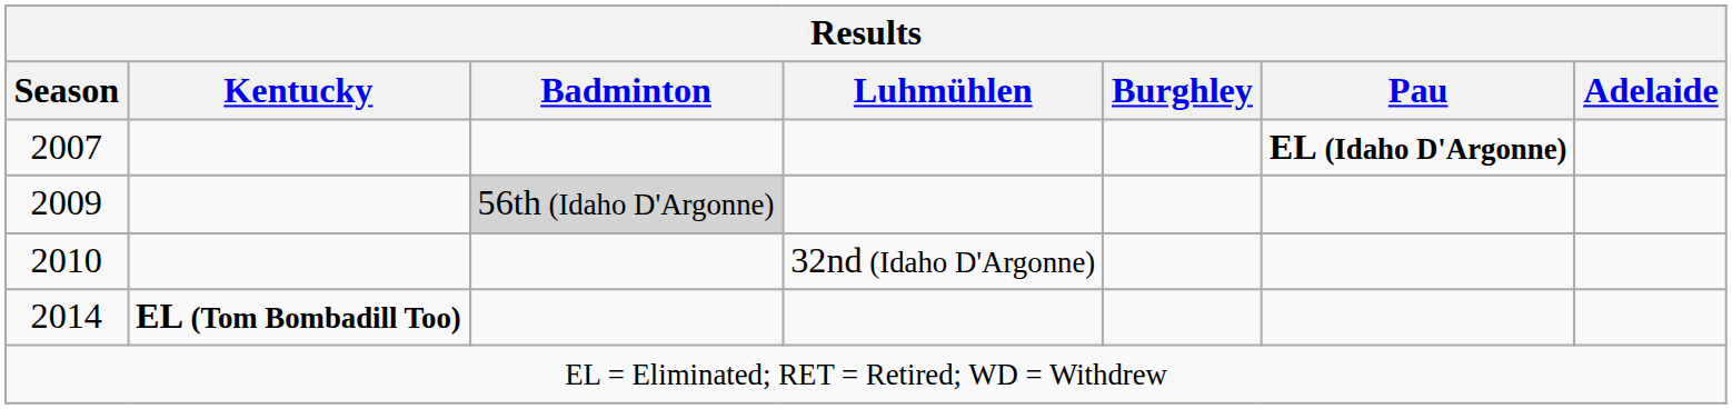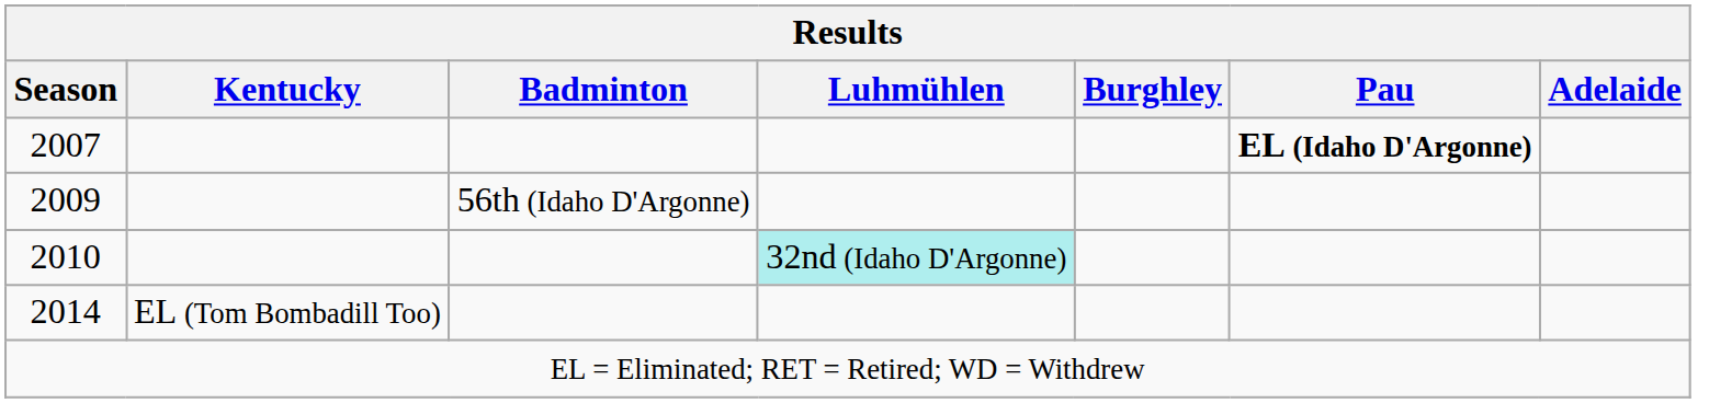 <table class="wikitable" style="text-align:center">
 <tr>
 <th colspan=13 align=center><strong>Results</strong></th>
 </tr>
 <tr>
 <th>Season</th>
 <th><a href='#'>Kentucky</a></th>
 <th><a href='#'>Badminton</a></th>
 <th><a href='#'>Luhmühlen</a></th>
 <th><a href='#'>Burghley</a></th>
 <th><a href='#'>Pau</a></th>
 <th><a href='#'>Adelaide</a></th>
 </tr>
 <tr>
 <td>2007</td>
 <td></td>
 <td></td>
 <td></td>
 <td></td>
 <td><strong>EL<small> (Idaho D'Argonne)</small></strong></td>
 <td></td>
 </tr>
 <tr>
 <td>2009</td>
 <td></td>
-<td style="background: lightgrey;">56th<small> (Idaho D'Argonne)</small></td>
+<td>56th<small> (Idaho D'Argonne)</small></td>
 <td></td>
 <td></td>
 <td></td>
 <td></td>
 </tr>
 <tr>
 <td>2010</td>
 <td></td>
 <td></td>
-<td>32nd<small> (Idaho D'Argonne)</small></td>
+<td style="background: paleturquoise;">32nd<small> (Idaho D'Argonne)</small></td>
 <td></td>
 <td></td>
 <td></td>
 </tr>
 <tr>
 <td>2014</td>
-<td><strong>EL<small> (Tom Bombadill Too)</small></strong></td>
+<td>EL<small> (Tom Bombadill Too)</small></td>
 <td></td>
 <td></td>
 <td></td>
 <td></td>
 <td></td>
 </tr>
 <tr>
 <td colspan=13 align=center><small> EL = Eliminated; RET = Retired; WD = Withdrew </small></td>
 </tr>
 </table>
